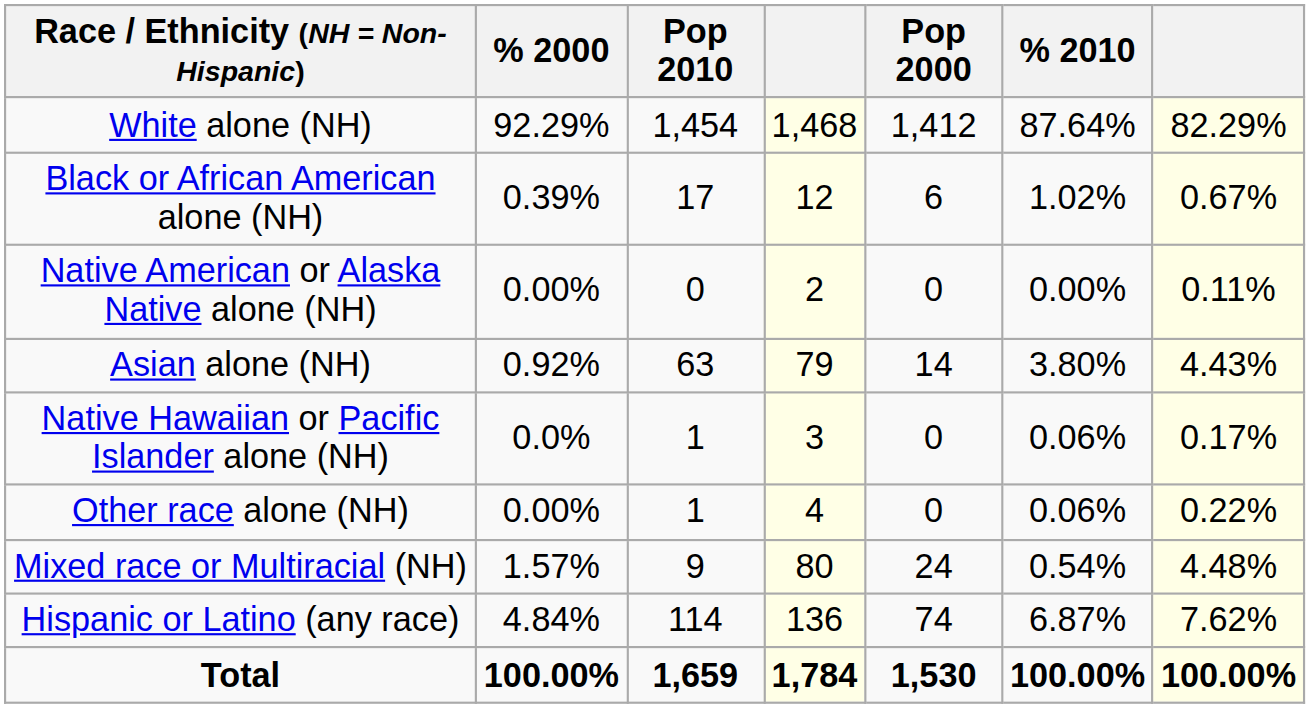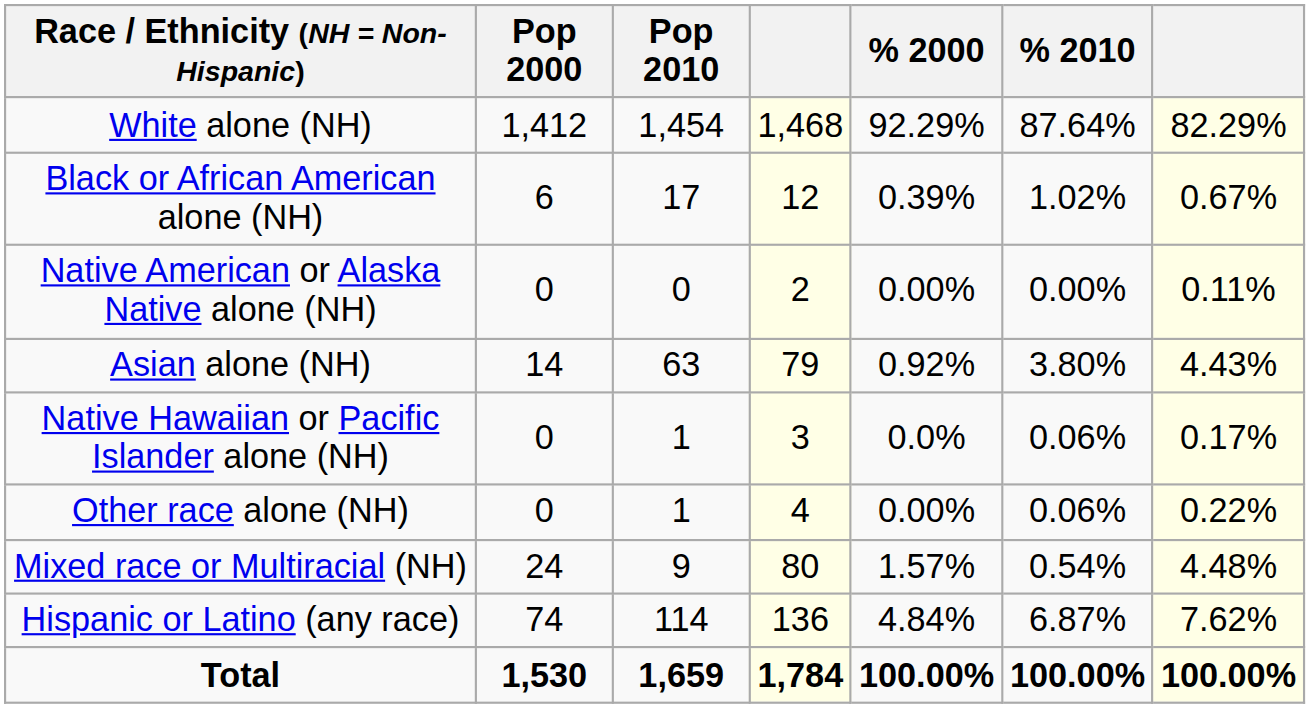 <table class="wikitable" style="text-align:center;">
 <tr>
 <th>Race / Ethnicity <small>(<em>NH = Non-Hispanic</em>)</small></th>
-<th>% 2000</th>
+<th>Pop 2000</th>
 <th>Pop 2010</th>
 <th></th>
-<th>Pop 2000</th>
+<th>% 2000</th>
 <th>% 2010</th>
 <th></th>
 </tr>
 <tr>
 <td><a href='#'>White</a> alone (NH)</td>
-<td>92.29%</td>
+<td>1,412</td>
 <td>1,454</td>
 <td style='background: #ffffe6;'>1,468</td>
-<td>1,412</td>
+<td>92.29%</td>
 <td>87.64%</td>
 <td style='background: #ffffe6;'>82.29%</td>
 </tr>
 <tr>
 <td><a href='#'>Black or African American</a> alone (NH)</td>
-<td>0.39%</td>
+<td>6</td>
 <td>17</td>
 <td style='background: #ffffe6;'>12</td>
-<td>6</td>
+<td>0.39%</td>
 <td>1.02%</td>
 <td style='background: #ffffe6;'>0.67%</td>
 </tr>
 <tr>
 <td><a href='#'>Native American</a> or <a href='#'>Alaska Native</a> alone (NH)</td>
-<td>0.00%</td>
+<td>0</td>
 <td>0</td>
 <td style='background: #ffffe6;'>2</td>
-<td>0</td>
+<td>0.00%</td>
 <td>0.00%</td>
 <td style='background: #ffffe6;'>0.11%</td>
 </tr>
 <tr>
 <td><a href='#'>Asian</a> alone (NH)</td>
-<td>0.92%</td>
+<td>14</td>
 <td>63</td>
 <td style='background: #ffffe6;'>79</td>
-<td>14</td>
+<td>0.92%</td>
 <td>3.80%</td>
 <td style='background: #ffffe6;'>4.43%</td>
 </tr>
 <tr>
 <td><a href='#'>Native Hawaiian</a> or <a href='#'>Pacific Islander</a> alone (NH)</td>
-<td>0.0%</td>
+<td>0</td>
 <td>1</td>
 <td style='background: #ffffe6;'>3</td>
-<td>0</td>
+<td>0.0%</td>
 <td>0.06%</td>
 <td style='background: #ffffe6;'>0.17%</td>
 </tr>
 <tr>
 <td><a href='#'>Other race</a> alone (NH)</td>
-<td>0.00%</td>
+<td>0</td>
 <td>1</td>
 <td style='background: #ffffe6;'>4</td>
-<td>0</td>
+<td>0.00%</td>
 <td>0.06%</td>
 <td style='background: #ffffe6;'>0.22%</td>
 </tr>
 <tr>
 <td><a href='#'>Mixed race or Multiracial</a> (NH)</td>
-<td>1.57%</td>
+<td>24</td>
 <td>9</td>
 <td style='background: #ffffe6;'>80</td>
-<td>24</td>
+<td>1.57%</td>
 <td>0.54%</td>
 <td style='background: #ffffe6;'>4.48%</td>
 </tr>
 <tr>
 <td><a href='#'>Hispanic or Latino</a> (any race)</td>
-<td>4.84%</td>
+<td>74</td>
 <td>114</td>
 <td style='background: #ffffe6;'>136</td>
-<td>74</td>
+<td>4.84%</td>
 <td>6.87%</td>
 <td style='background: #ffffe6;'>7.62%</td>
 </tr>
 <tr>
 <td><strong>Total</strong></td>
-<td><strong>100.00%</strong></td>
+<td><strong>1,530</strong></td>
 <td><strong>1,659</strong></td>
 <td style='background: #ffffe6;'><strong>1,784</strong></td>
-<td><strong>1,530</strong></td>
+<td><strong>100.00%</strong></td>
 <td><strong>100.00%</strong></td>
 <td style='background: #ffffe6;'><strong>100.00%</strong></td>
 </tr>
 </table>
